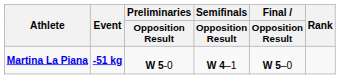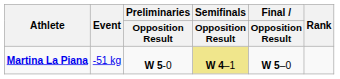 <table class="wikitable" style="font-size:90%;">
 <tr>
 <th rowspan=2>Athlete</th>
 <th rowspan=2>Event</th>
 <th>Preliminaries</th>
 <th>Semifinals</th>
 <th>Final / </th>
 <th rowspan=2>Rank</th>
 </tr>
 <tr style="font-size:95%">
 <th>Opposition<br>Result</th>
 <th>Opposition<br>Result</th>
 <th>Opposition<br>Result</th>
 </tr>
 <tr align=center>
 <td align=left><strong><a href='#'>Martina La Piana</a></strong></td>
-<td align=left><strong><a href='#'>-51 kg</a></strong></td>
+<td align=left><a href='#'>-51 kg</a></td>
 <td><br><strong>W</strong> <strong>5</strong>-0</td>
-<td><br><strong>W</strong> <strong>4</strong>–1</td>
+<td style="background: khaki;"><br><strong>W</strong> <strong>4</strong>–1</td>
 <td><br><strong>W</strong> <strong>5</strong>–0</td>
 <td></td>
 </tr>
 </table>
